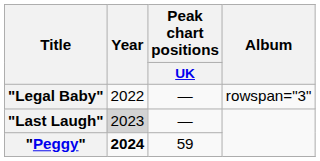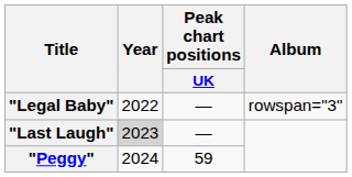 <table class="wikitable plainrowheaders" style="text-align:center;">
 <tr>
 <th scope="col" rowspan="2">Title</th>
 <th scope="col" rowspan="2">Year</th>
 <th scope="col">Peak chart positions</th>
 <th scope="col" rowspan="2">Album</th>
 </tr>
 <tr>
 <th scope="col" style="width:2.5em;font-size:90%;"><a href='#'>UK</a><br></th>
 </tr>
 <tr>
 <th scope="row">"Legal Baby"</th>
 <td>2022</td>
 <td>—</td>
 <td>rowspan="3" </td>
 </tr>
 <tr>
 <th scope="row">"Last Laugh"</th>
 <td style="background: lightgrey;">2023</td>
 <td>—</td>
 </tr>
 <tr>
 <th scope="row">"<a href='#'>Peggy</a>"</th>
-<td><strong>2024</strong></td>
+<td>2024</td>
 <td>59</td>
 </tr>
 </table>
